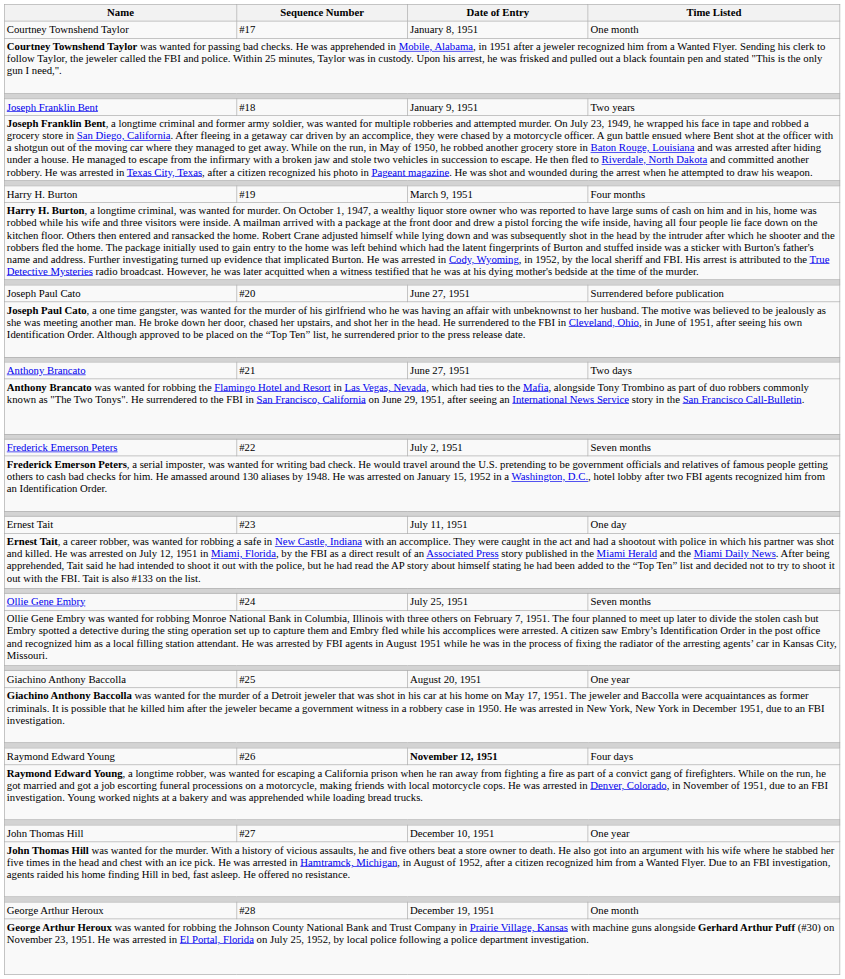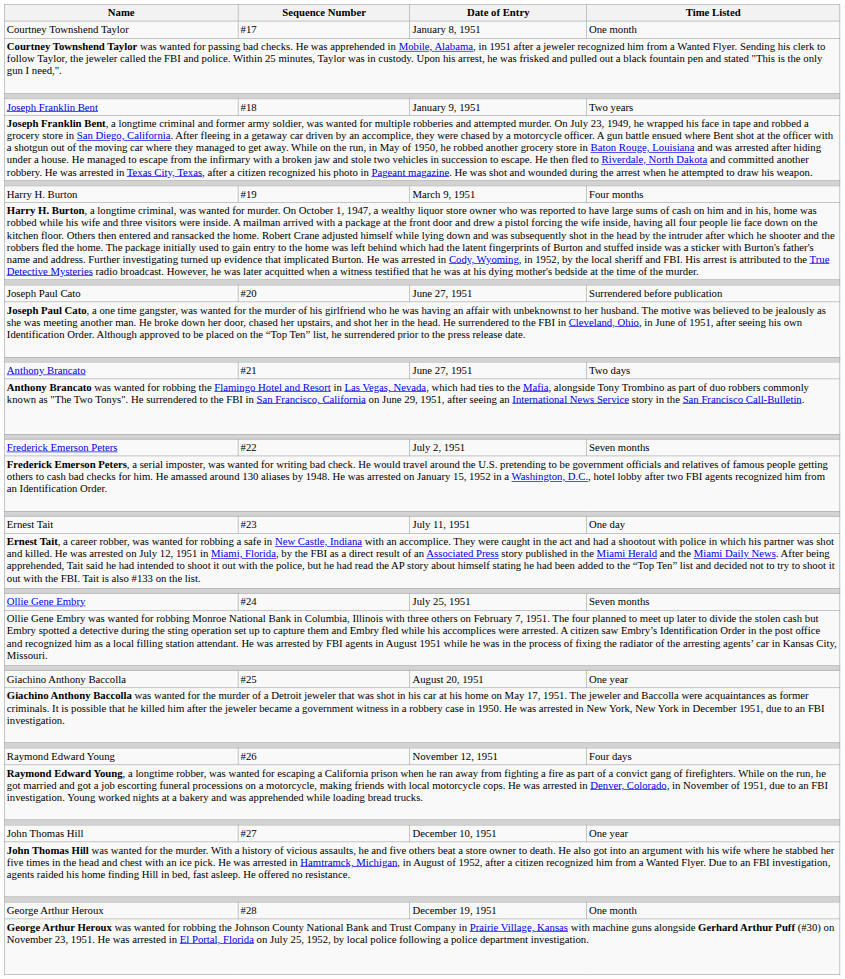 <table class="wikitable">
 <tr>
 <th>Name</th>
 <th>Sequence Number</th>
 <th>Date of Entry</th>
 <th>Time Listed</th>
 </tr>
 <tr>
 <td height="10">Courtney Townshend Taylor</td>
 <td>#17</td>
 <td>January 8, 1951</td>
 <td>One month</td>
 </tr>
 <tr>
 <td colspan="4" height="75" valign="top"><strong>Courtney Townshend Taylor</strong> was wanted for passing bad checks. He was apprehended in <a href='#'>Mobile, Alabama</a>, in 1951 after a jeweler recognized him from a Wanted Flyer. Sending his clerk to follow Taylor, the jeweler called the FBI and police. Within 25 minutes, Taylor was in custody. Upon his arrest, he was frisked and pulled out a black fountain pen and stated "This is the only gun I need,".</td>
 </tr>
 <tr>
 <td colspan="4" style="background-color:lightgrey;"></td>
 </tr>
 <tr>
 <td height="10"><a href='#'>Joseph Franklin Bent</a></td>
 <td>#18</td>
 <td>January 9, 1951</td>
 <td>Two years</td>
 </tr>
 <tr>
 <td colspan="4" height="75" valign="top"><strong>Joseph Franklin Bent</strong>, a longtime criminal and former army soldier, was wanted for multiple robberies and attempted murder. On July 23, 1949, he wrapped his face in tape and robbed a grocery store in <a href='#'>San Diego, California</a>. After fleeing in a getaway car driven by an accomplice, they were chased by a motorcycle officer. A gun battle ensued where Bent shot at the officer with a shotgun out of the moving car where they managed to get away. While on the run, in May of 1950, he robbed another grocery store in <a href='#'>Baton Rouge, Louisiana</a> and was arrested after hiding under a house. He managed to escape from the infirmary with a broken jaw and stole two vehicles in succession to escape. He then fled to <a href='#'>Riverdale, North Dakota</a> and committed another robbery. He was arrested in <a href='#'>Texas City, Texas</a>, after a citizen recognized his photo in <a href='#'>Pageant magazine</a>. He was shot and wounded during the arrest when he attempted to draw his weapon.</td>
 </tr>
 <tr>
 <td colspan="4" style="background-color:lightgrey;"></td>
 </tr>
 <tr>
 <td height="10">Harry H. Burton</td>
 <td>#19</td>
 <td>March 9, 1951</td>
 <td>Four months</td>
 </tr>
 <tr>
 <td colspan="4" height="75" valign="top"><strong>Harry H. Burton</strong>, a longtime criminal, was wanted for murder. On October 1, 1947, a wealthy liquor store owner who was reported to have large sums of cash on him and in his, home was robbed while his wife and three visitors were inside. A mailman arrived with a package at the front door and drew a pistol forcing the wife inside, having all four people lie face down on the kitchen floor. Others then entered and ransacked the home. Robert Crane adjusted himself while lying down and was subsequently shot in the head by the intruder after which he shooter and the robbers fled the home. The package initially used to gain entry to the home was left behind which had the latent fingerprints of Burton and stuffed inside was a sticker with Burton's father's name and address. Further investigating turned up evidence that implicated Burton. He was arrested in <a href='#'>Cody, Wyoming</a>, in 1952, by the local sheriff and FBI. His arrest is attributed to the <a href='#'>True Detective Mysteries</a> radio broadcast. However, he was later acquitted when a witness testified that he was at his dying mother's bedside at the time of the murder.</td>
 </tr>
 <tr>
 <td colspan="4" style="background-color:lightgrey;"></td>
 </tr>
 <tr>
 <td height="10">Joseph Paul Cato</td>
 <td>#20</td>
 <td>June 27, 1951</td>
 <td>Surrendered before publication</td>
 </tr>
 <tr>
 <td colspan="4" height="75" valign="top"><strong>Joseph Paul Cato</strong>, a one time gangster, was wanted for the murder of his girlfriend who he was having an affair with unbeknownst to her husband. The motive was believed to be jealously as she was meeting another man. He broke down her door, chased her upstairs, and shot her in the head. He surrendered to the FBI in <a href='#'>Cleveland, Ohio</a>, in June of 1951, after seeing his own Identification Order. Although approved to be placed on the “Top Ten” list, he surrendered prior to the press release date.</td>
 </tr>
 <tr>
 <td colspan="4" style="background-color:lightgrey;"></td>
 </tr>
 <tr>
 <td height="10"><a href='#'>Anthony Brancato</a></td>
 <td>#21</td>
 <td>June 27, 1951</td>
 <td>Two days</td>
 </tr>
 <tr>
 <td colspan="4" height="75" valign="top"><strong>Anthony Brancato</strong> was wanted for robbing the <a href='#'>Flamingo Hotel and Resort</a> in <a href='#'>Las Vegas, Nevada</a>, which had ties to the <a href='#'>Mafia</a>, alongside Tony Trombino as part of duo robbers commonly known as "The Two Tonys". He surrendered to the FBI in <a href='#'>San Francisco, California</a> on June 29, 1951, after seeing an <a href='#'>International News Service</a> story in the <a href='#'>San Francisco Call-Bulletin</a>.</td>
 </tr>
 <tr>
 <td colspan="4" style="background-color:lightgrey;"></td>
 </tr>
 <tr>
 <td height="10"><a href='#'>Frederick Emerson Peters</a></td>
 <td>#22</td>
 <td>July 2, 1951</td>
 <td>Seven months</td>
 </tr>
 <tr>
 <td colspan="4" height="75" valign="top"><strong>Frederick Emerson Peters</strong>, a serial imposter, was wanted for writing bad check. He would travel around the U.S. pretending to be government officials and relatives of famous people getting others to cash bad checks for him. He amassed around 130 aliases by 1948. He was arrested on January 15, 1952 in a <a href='#'>Washington, D.C.</a>, hotel lobby after two FBI agents recognized him from an Identification Order.</td>
 </tr>
 <tr>
 <td colspan="4" style="background-color:lightgrey;"></td>
 </tr>
 <tr>
 <td height="10">Ernest Tait</td>
 <td>#23</td>
 <td>July 11, 1951</td>
 <td>One day</td>
 </tr>
 <tr>
 <td colspan="4" height="75" valign="top"><strong>Ernest Tait</strong>, a career robber, was wanted for robbing a safe in <a href='#'>New Castle, Indiana</a> with an accomplice. They were caught in the act and had a shootout with police in which his partner was shot and killed. He was arrested on July 12, 1951 in <a href='#'>Miami, Florida</a>, by the FBI as a direct result of an <a href='#'>Associated Press</a> story published in the <a href='#'>Miami Herald</a> and the <a href='#'>Miami Daily News</a>. After being apprehended, Tait said he had intended to shoot it out with the police, but he had read the AP story about himself stating he had been added to the “Top Ten” list and decided not to try to shoot it out with the FBI. Tait is also #133 on the list.</td>
 </tr>
 <tr>
 <td colspan="4" style="background-color:lightgrey;"></td>
 </tr>
 <tr>
 <td height="10"><a href='#'>Ollie Gene Embry</a></td>
 <td>#24</td>
 <td>July 25, 1951</td>
 <td>Seven months</td>
 </tr>
 <tr>
 <td colspan="4" height="75" valign="top">Ollie Gene Embry was wanted for robbing Monroe National Bank in Columbia, Illinois with three others on February 7, 1951. The four planned to meet up later to divide the stolen cash but Embry spotted a detective during the sting operation set up to capture them and Embry fled while his accomplices were arrested. A citizen saw Embry’s Identification Order in the post office and recognized him as a local filling station attendant. He was arrested by FBI agents in August 1951 while he was in the process of fixing the radiator of the arresting agents’ car in Kansas City, Missouri.</td>
 </tr>
 <tr>
 <td colspan="4" style="background-color:lightgrey;"></td>
 </tr>
 <tr>
 <td height="10">Giachino Anthony Baccolla</td>
 <td>#25</td>
 <td>August 20, 1951</td>
 <td>One year</td>
 </tr>
 <tr>
 <td colspan="4" height="75" valign="top"><strong>Giachino Anthony Baccolla</strong> was wanted for the murder of a Detroit jeweler that was shot in his car at his home on May 17, 1951. The jeweler and Baccolla were acquaintances as former criminals. It is possible that he killed him after the jeweler became a government witness in a robbery case in 1950. He was arrested in New York, New York in December 1951, due to an FBI investigation.</td>
 </tr>
 <tr>
 <td colspan="4" style="background-color:lightgrey;"></td>
 </tr>
 <tr>
 <td height="10">Raymond Edward Young</td>
 <td>#26</td>
-<td><strong>November 12, 1951</strong></td>
+<td>November 12, 1951</td>
 <td>Four days</td>
 </tr>
 <tr>
 <td colspan="4" height="75" valign="top"><strong>Raymond Edward Young</strong>, a longtime robber, was wanted for escaping a California prison when he ran away from fighting a fire as part of a convict gang of firefighters. While on the run, he got married and got a job escorting funeral processions on a motorcycle, making friends with local motorcycle cops. He was arrested in <a href='#'>Denver, Colorado</a>, in November of 1951, due to an FBI investigation. Young worked nights at a bakery and was apprehended while loading bread trucks.</td>
 </tr>
 <tr>
 <td colspan="4" style="background-color:lightgrey;"></td>
 </tr>
 <tr>
 <td height="10">John Thomas Hill</td>
 <td>#27</td>
 <td>December 10, 1951</td>
 <td>One year</td>
 </tr>
 <tr>
 <td colspan="4" height="75" valign="top"><strong>John Thomas Hill</strong> was wanted for the murder. With a history of vicious assaults, he and five others beat a store owner to death. He also got into an argument with his wife where he stabbed her five times in the head and chest with an ice pick. He was arrested in <a href='#'>Hamtramck, Michigan</a>, in August of 1952, after a citizen recognized him from a Wanted Flyer. Due to an FBI investigation, agents raided his home finding Hill in bed, fast asleep. He offered no resistance.</td>
 </tr>
 <tr>
 <td colspan="4" style="background-color:lightgrey;"></td>
 </tr>
 <tr>
 <td height="10">George Arthur Heroux</td>
 <td>#28</td>
 <td>December 19, 1951</td>
 <td>One month</td>
 </tr>
 <tr>
 <td colspan="4" height="75" valign="top"><strong>George Arthur Heroux</strong> was wanted for robbing the Johnson County National Bank and Trust Company in <a href='#'>Prairie Village, Kansas</a> with machine guns alongside <strong>Gerhard Arthur Puff</strong> (#30) on November 23, 1951. He was arrested in <a href='#'>El Portal, Florida</a> on July 25, 1952, by local police following a police department investigation.</td>
 </tr>
 </table>
